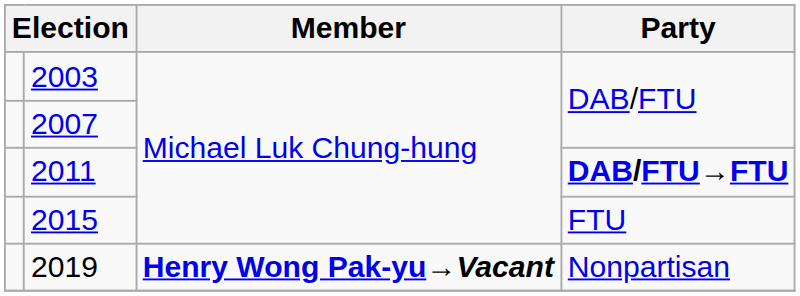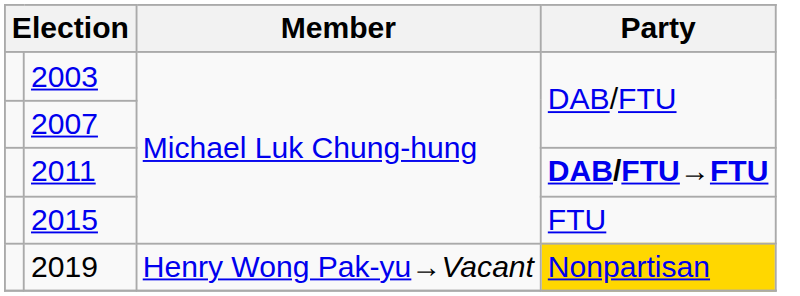 <table class="wikitable">
 <tr>
 <th colspan="2">Election</th>
 <th>Member</th>
 <th>Party</th>
 </tr>
 <tr>
 <td style="background-color: "></td>
 <td><a href='#'>2003</a></td>
 <td rowspan=4><a href='#'>Michael Luk Chung-hung</a></td>
 <td rowspan=2><a href='#'>DAB</a>/<a href='#'>FTU</a></td>
 </tr>
 <tr>
 <td style="background-color: "></td>
 <td><a href='#'>2007</a></td>
 </tr>
 <tr>
 <td style="background-color: "></td>
 <td><a href='#'>2011</a></td>
 <td><strong><a href='#'>DAB</a>/<a href='#'>FTU</a>→<a href='#'>FTU</a></strong></td>
 </tr>
 <tr>
 <td style="background-color: "></td>
 <td><a href='#'>2015</a></td>
 <td><a href='#'>FTU</a></td>
 </tr>
 <tr>
 <td style="background-color: "></td>
 <td>2019</td>
-<td><strong><a href='#'>Henry Wong Pak-yu</a>→<em>Vacant</em></strong></td>
-<td><a href='#'>Nonpartisan</a></td>
+<td><a href='#'>Henry Wong Pak-yu</a>→<em>Vacant</em></td>
+<td style="background: gold;"><a href='#'>Nonpartisan</a></td>
 </tr>
 <tr>
 </tr>
 </table>
